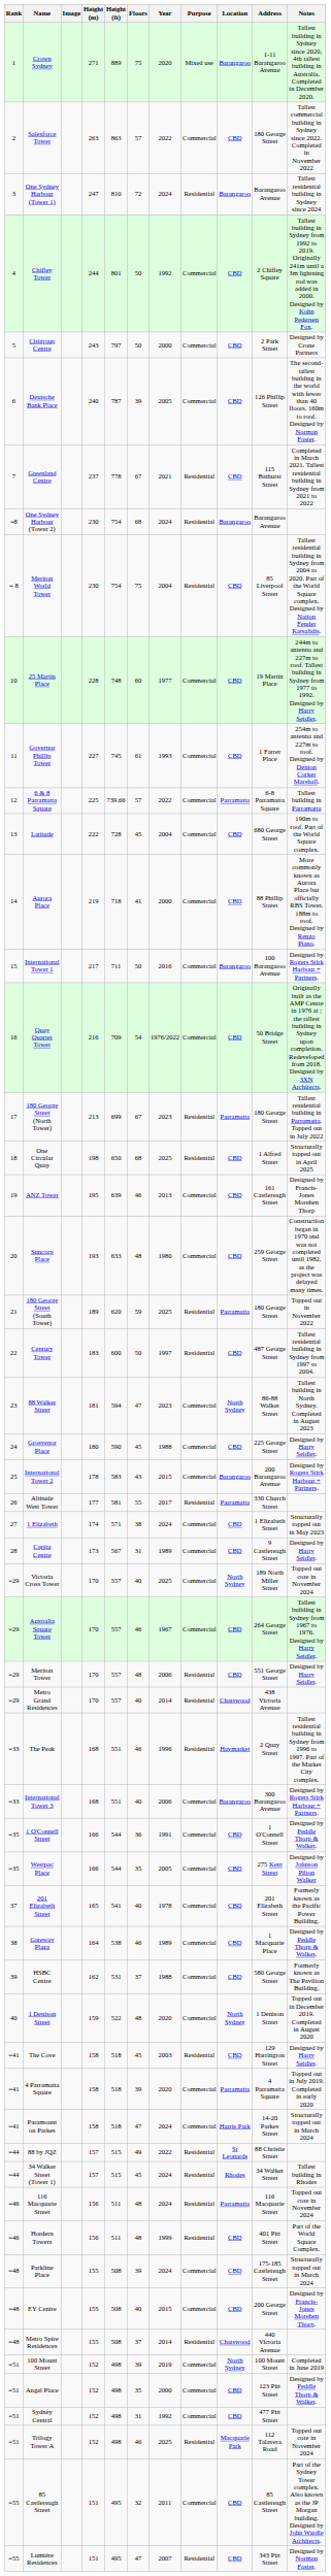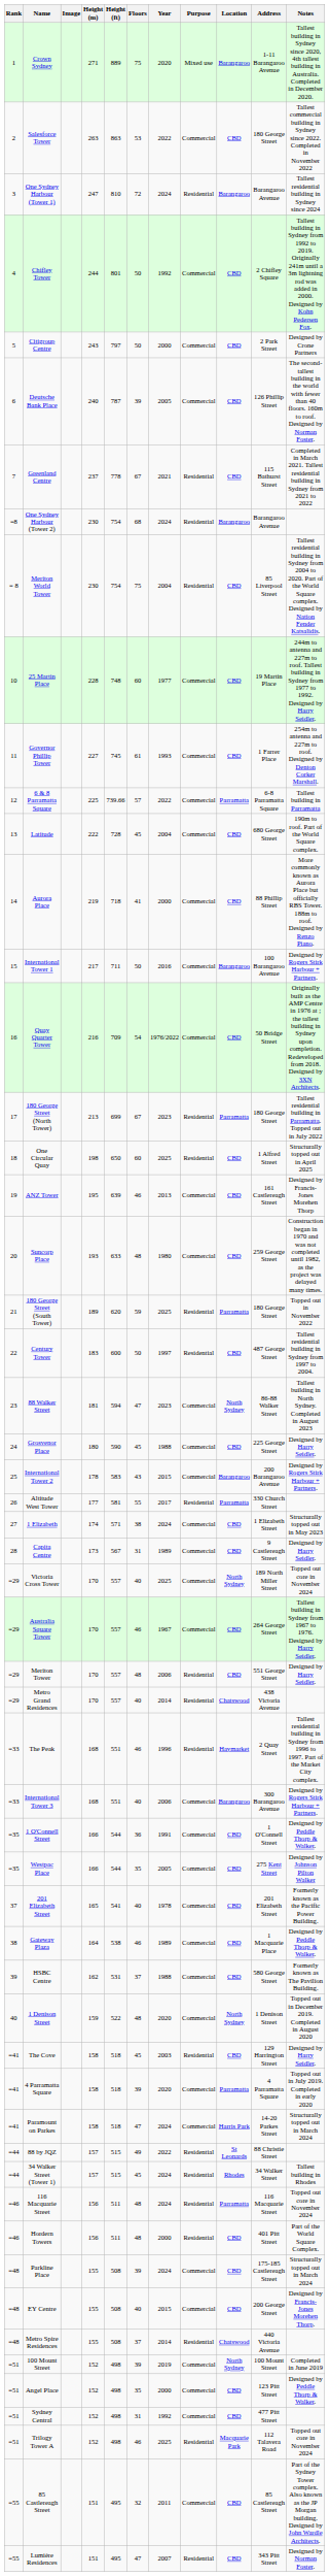 <table class="wikitable sortable" style="text-align:center;">
 <tr>
 <th>Rank</th>
 <th>Name</th>
 <th class="unsortable">Image</th>
 <th>Height (m)</th>
 <th>Height (ft)</th>
 <th>Floors</th>
 <th>Year</th>
 <th>Purpose</th>
 <th>Location</th>
 <th>Address</th>
 <th>Notes</th>
 </tr>
 <tr style="background:#ddffdd;">
 <td>1</td>
 <td><a href='#'>Crown Sydney</a></td>
 <td></td>
 <td>271</td>
 <td>889</td>
 <td>75</td>
 <td>2020</td>
 <td>Mixed use</td>
 <td><a href='#'>Barangaroo</a></td>
 <td>1-11 Barangaroo Avenue</td>
 <td>Tallest building in Sydney since 2020, 4th tallest building in Australia. Completed in December 2020.</td>
 </tr>
 <tr>
 <td>2</td>
 <td><a href='#'>Salesforce Tower</a></td>
 <td></td>
 <td>263</td>
 <td>863</td>
-<td>57</td>
+<td>53</td>
 <td>2022</td>
 <td>Commercial</td>
 <td><a href='#'>CBD</a></td>
 <td>180 George Street</td>
 <td>Tallest commercial building in Sydney since 2022. Completed in November 2022</td>
 </tr>
 <tr>
 <td>3</td>
 <td><a href='#'>One Sydney Harbour (Tower 1)</a></td>
 <td></td>
 <td>247</td>
 <td>810</td>
 <td>72</td>
 <td>2024</td>
 <td>Residential</td>
 <td><a href='#'>Barangaroo</a></td>
 <td>Barangaroo Avenue</td>
 <td>Tallest residential building in Sydney since 2024</td>
 </tr>
 <tr style="background:#ddffdd;">
 <td>4</td>
 <td><a href='#'>Chifley Tower</a></td>
 <td></td>
 <td>244</td>
 <td>801</td>
 <td>50</td>
 <td>1992</td>
 <td>Commercial</td>
 <td><a href='#'>CBD</a></td>
 <td>2 Chifley Square</td>
 <td>Tallest building in Sydney from 1992 to 2019. Originally 241m until a 3m lightning rod was added in 2000. Designed by <a href='#'>Kohn Pedersen Fox</a>.</td>
 </tr>
 <tr>
 <td>5</td>
 <td><a href='#'>Citigroup Centre</a></td>
 <td></td>
 <td>243</td>
 <td>797</td>
 <td>50</td>
 <td>2000</td>
 <td>Commercial</td>
 <td><a href='#'>CBD</a></td>
 <td>2 Park Street</td>
 <td>Designed by Crone Partners</td>
 </tr>
 <tr>
 <td>6</td>
 <td><a href='#'>Deutsche Bank Place</a></td>
 <td></td>
 <td>240</td>
 <td>787</td>
 <td>39</td>
 <td>2005</td>
 <td>Commercial</td>
 <td><a href='#'>CBD</a></td>
 <td>126 Phillip Street</td>
 <td>The second-tallest building in the world with fewer than 40 floors. 160m to roof. Designed by <a href='#'>Norman Foster</a>.</td>
 </tr>
 <tr>
 <td>7</td>
 <td><a href='#'>Greenland Centre</a></td>
 <td></td>
 <td>237</td>
 <td>778</td>
 <td>67</td>
 <td>2021</td>
 <td>Residential</td>
 <td><a href='#'>CBD</a></td>
 <td>115 Bathurst Street</td>
 <td>Completed in March 2021. Tallest residential building in Sydney from 2021 to 2022</td>
 </tr>
 <tr>
 <td>=8</td>
 <td><a href='#'>One Sydney Harbour</a> (Tower 2)</td>
 <td></td>
 <td>230</td>
 <td>754</td>
 <td>68</td>
 <td>2024</td>
 <td>Residential</td>
 <td><a href='#'>Barangaroo</a></td>
 <td>Barangaroo Avenue</td>
 <td></td>
 </tr>
 <tr>
 <td>= 8</td>
 <td><a href='#'>Meriton World Tower</a></td>
 <td></td>
 <td>230</td>
 <td>754</td>
 <td>75</td>
 <td>2004</td>
 <td>Residential</td>
 <td><a href='#'>CBD</a></td>
 <td>85 Liverpool Street</td>
 <td>Tallest residential building in Sydney from 2004 to 2020. Part of the World Square complex. Designed by <a href='#'>Nation Fender Katsalidis</a>.</td>
 </tr>
 <tr style="background:#ddffdd;">
 <td>10</td>
 <td><a href='#'>25 Martin Place</a></td>
 <td></td>
 <td>228</td>
 <td>748</td>
 <td>60</td>
 <td>1977</td>
 <td>Commercial</td>
 <td><a href='#'>CBD</a></td>
 <td>19 Martin Place</td>
 <td>244m to antenna and 227m to roof. Tallest building in Sydney from 1977 to 1992. Designed by <a href='#'>Harry Seidler</a>.</td>
 </tr>
 <tr>
 <td>11</td>
 <td><a href='#'>Governor Phillip Tower</a></td>
 <td></td>
 <td>227</td>
 <td>745</td>
 <td>61</td>
 <td>1993</td>
 <td>Commercial</td>
 <td><a href='#'>CBD</a></td>
 <td>1 Farrer Place</td>
 <td>254m to antenna and 227m to roof. Designed by <a href='#'>Denton Corker Marshall</a>.</td>
 </tr>
 <tr>
 <td>12</td>
 <td><a href='#'>6 & 8 Parramatta Square</a></td>
 <td></td>
 <td>225</td>
 <td>739.66</td>
 <td>57</td>
 <td>2022</td>
 <td>Commercial</td>
 <td><a href='#'>Parramatta</a></td>
 <td>6-8 Parramatta Square</td>
 <td>Tallest building in <a href='#'>Parramatta</a></td>
 </tr>
 <tr>
 <td>13</td>
 <td><a href='#'>Latitude</a></td>
 <td></td>
 <td>222</td>
 <td>728</td>
 <td>45</td>
 <td>2004</td>
 <td>Commercial</td>
 <td><a href='#'>CBD</a></td>
 <td>680 George Street</td>
 <td>190m to roof. Part of the World Square complex.</td>
 </tr>
 <tr>
 <td>14</td>
 <td><a href='#'>Aurora Place</a></td>
 <td></td>
 <td>219</td>
 <td>718</td>
 <td>41</td>
 <td>2000</td>
 <td>Commercial</td>
 <td><a href='#'>CBD</a></td>
 <td>88 Phillip Street</td>
 <td>More commonly known as Aurora Place but officially RBS Tower. 188m to roof. Designed by <a href='#'>Renzo Piano</a>.</td>
 </tr>
 <tr>
 <td>15</td>
 <td><a href='#'>International Tower 1</a></td>
 <td></td>
 <td>217</td>
 <td>711</td>
 <td>50</td>
 <td>2016</td>
 <td>Commercial</td>
 <td><a href='#'>Barangaroo</a></td>
 <td>100 Barangaroo Avenue</td>
 <td>Designed by <a href='#'>Rogers Stirk Harbour + Partners</a>.</td>
 </tr>
 <tr style="background:#ddffdd;">
 <td>16</td>
 <td><a href='#'>Quay Quarter Tower</a></td>
 <td></td>
 <td>216</td>
 <td>709</td>
 <td>54</td>
 <td>1976/2022</td>
 <td>Commercial</td>
 <td><a href='#'>CBD</a></td>
 <td>50 Bridge Street</td>
 <td>Originally built as the AMP Centre in 1976 at ; the tallest building in Sydney upon completion. Redeveloped from 2018. Designed by <a href='#'>3XN Architects</a>.</td>
 </tr>
 <tr>
 <td>17</td>
 <td><a href='#'>180 George Street</a><br>(North Tower)</td>
 <td></td>
 <td>213</td>
 <td>699</td>
 <td>67</td>
 <td>2023</td>
 <td>Residential</td>
 <td><a href='#'>Parramatta</a></td>
 <td>180 George Street</td>
 <td>Tallest residential building in <a href='#'>Parramatta</a>. Topped out in July 2022</td>
 </tr>
 <tr>
 <td>18</td>
 <td>One Circular Quay</td>
 <td></td>
 <td>198</td>
 <td>650</td>
-<td>68</td>
+<td>60</td>
 <td>2025</td>
 <td>Residential</td>
 <td><a href='#'>CBD</a></td>
 <td>1 Alfred Street</td>
 <td>Structurally topped out in April 2025</td>
 </tr>
 <tr>
 <td>19</td>
 <td><a href='#'>ANZ Tower</a></td>
 <td></td>
 <td>195</td>
 <td>639</td>
 <td>46</td>
 <td>2013</td>
 <td>Commercial</td>
 <td><a href='#'>CBD</a></td>
 <td>161 Castlereagh Street</td>
 <td>Designed by Francis-Jones Morehen Thorp</td>
 </tr>
 <tr>
 <td>20</td>
 <td><a href='#'>Suncorp Place</a></td>
 <td></td>
 <td>193</td>
 <td>633</td>
 <td>48</td>
 <td>1980</td>
 <td>Commercial</td>
 <td><a href='#'>CBD</a></td>
 <td>259 George Street</td>
 <td>Construction began in 1970 and was not completed until 1982, as the project was delayed many times.</td>
 </tr>
 <tr>
 <td>21</td>
 <td><a href='#'>180 George Street</a><br>(South Tower)</td>
 <td></td>
 <td>189</td>
 <td>620</td>
 <td>59</td>
 <td>2025</td>
 <td>Residential</td>
 <td><a href='#'>Parramatta</a></td>
 <td>180 George Street</td>
 <td>Topped out in November 2022</td>
 </tr>
 <tr>
 <td>22</td>
 <td><a href='#'>Century Tower</a></td>
 <td></td>
 <td>183</td>
 <td>600</td>
 <td>50</td>
 <td>1997</td>
 <td>Residential</td>
 <td><a href='#'>CBD</a></td>
 <td>487 George Street</td>
 <td>Tallest residential building in Sydney from 1997 to 2004.</td>
 </tr>
 <tr>
 <td>23</td>
 <td><a href='#'>88 Walker Street</a></td>
 <td></td>
 <td>181</td>
 <td>594</td>
 <td>47</td>
 <td>2023</td>
 <td>Commercial</td>
 <td><a href='#'>North Sydney</a></td>
 <td>86-88 Walker Street</td>
 <td>Tallest building in North Sydney. Completed in August 2023</td>
 </tr>
 <tr>
 <td>24</td>
 <td><a href='#'>Grosvenor Place</a></td>
 <td></td>
 <td>180</td>
 <td>590</td>
 <td>45</td>
 <td>1988</td>
 <td>Commercial</td>
 <td><a href='#'>CBD</a></td>
 <td>225 George Street</td>
 <td>Designed by <a href='#'>Harry Seidler</a>.</td>
 </tr>
 <tr>
 <td>25</td>
 <td><a href='#'>International Tower 2</a></td>
 <td></td>
 <td>178</td>
 <td>583</td>
 <td>43</td>
 <td>2015</td>
 <td>Commercial</td>
 <td><a href='#'>Barangaroo</a></td>
 <td>200 Barangaroo Avenue</td>
 <td>Designed by <a href='#'>Rogers Stirk Harbour + Partners</a>.</td>
 </tr>
 <tr>
 <td>26</td>
 <td>Altitude West Tower</td>
 <td></td>
 <td>177</td>
 <td>581</td>
 <td>55</td>
 <td>2017</td>
 <td>Residential</td>
 <td><a href='#'>Parramatta</a></td>
 <td>330 Church Street</td>
 <td></td>
 </tr>
 <tr>
 <td>27</td>
 <td><a href='#'>1 Elizabeth</a></td>
 <td></td>
 <td>174</td>
 <td>571</td>
 <td>38</td>
 <td>2024</td>
 <td>Commercial</td>
 <td><a href='#'>CBD</a></td>
 <td>1 Elizabeth Street</td>
 <td>Structurally topped out in May 2023</td>
 </tr>
 <tr>
 <td>28</td>
 <td><a href='#'>Capita Centre</a></td>
 <td></td>
 <td>173</td>
 <td>567</td>
 <td>31</td>
 <td>1989</td>
 <td>Commercial</td>
 <td><a href='#'>CBD</a></td>
 <td>9 Castlereagh Street</td>
 <td>Designed by <a href='#'>Harry Seidler</a>.</td>
 </tr>
 <tr>
 <td>=29</td>
 <td>Victoria Cross Tower</td>
 <td></td>
 <td>170</td>
 <td>557</td>
 <td>40</td>
 <td>2025</td>
 <td>Commercial</td>
 <td><a href='#'>North Sydney</a></td>
 <td>189 North Miller Street</td>
 <td>Topped out core in November 2024</td>
 </tr>
 <tr style="background:#ddffdd;">
 <td>=29</td>
 <td><a href='#'>Australia Square Tower</a></td>
 <td></td>
 <td>170</td>
 <td>557</td>
 <td>46</td>
 <td>1967</td>
 <td>Commercial</td>
 <td><a href='#'>CBD</a></td>
 <td>264 George Street</td>
 <td>Tallest building in Sydney from 1967 to 1976. Designed by <a href='#'>Harry Seidler</a>.</td>
 </tr>
 <tr>
 <td>=29</td>
 <td>Meriton Tower</td>
 <td></td>
 <td>170</td>
 <td>557</td>
 <td>48</td>
 <td>2006</td>
 <td>Residential</td>
 <td><a href='#'>CBD</a></td>
 <td>551 George Street</td>
 <td>Designed by <a href='#'>Harry Seidler</a>.</td>
 </tr>
 <tr>
 <td>=29</td>
 <td>Metro Grand Residences</td>
 <td></td>
 <td>170</td>
 <td>557</td>
 <td>40</td>
 <td>2014</td>
 <td>Residential</td>
 <td><a href='#'>Chatswood</a></td>
 <td>438 Victoria Avenue</td>
 <td></td>
 </tr>
 <tr id="The Peak Apartments">
 <td>=33</td>
 <td>The Peak</td>
 <td></td>
 <td>168</td>
 <td>551</td>
 <td>46</td>
 <td>1996</td>
 <td>Residential</td>
 <td><a href='#'>Haymarket</a></td>
 <td>2 Quay Street</td>
 <td>Tallest residential building in Sydney from 1996 to 1997. Part of the Market City complex.</td>
 </tr>
 <tr>
 <td>=33</td>
 <td><a href='#'>International Tower 3</a></td>
 <td></td>
 <td>168</td>
 <td>551</td>
 <td>40</td>
 <td>2006</td>
 <td>Commercial</td>
 <td><a href='#'>Barangaroo</a></td>
 <td>300 Barangaroo Avenue</td>
 <td>Designed by <a href='#'>Rogers Stirk Harbour + Partners</a>.</td>
 </tr>
 <tr>
 <td>=35</td>
 <td><a href='#'>1 O'Connell Street</a></td>
 <td></td>
 <td>166</td>
 <td>544</td>
 <td>36</td>
 <td>1991</td>
 <td>Commercial</td>
 <td><a href='#'>CBD</a></td>
 <td>1 O'Connell Street</td>
 <td>Designed by <a href='#'>Peddle Thorp & Walker</a>.</td>
 </tr>
 <tr>
 <td>=35</td>
 <td><a href='#'>Westpac Place</a></td>
 <td></td>
 <td>166</td>
 <td>544</td>
 <td>35</td>
 <td>2005</td>
 <td>Commercial</td>
 <td><a href='#'>CBD</a></td>
 <td>275 <a href='#'>Kent Street</a></td>
 <td>Designed by <a href='#'>Johnson Pilton Walker</a></td>
 </tr>
 <tr>
 <td>37</td>
 <td><a href='#'>201 Elizabeth Street</a></td>
 <td></td>
 <td>165</td>
 <td>541</td>
 <td>40</td>
 <td>1978</td>
 <td>Commercial</td>
 <td><a href='#'>CBD</a></td>
 <td>201 Elizabeth Street</td>
 <td>Formerly known as the Pacific Power Building.</td>
 </tr>
 <tr>
 <td>38</td>
 <td><a href='#'>Gateway Plaza</a></td>
 <td></td>
 <td>164</td>
 <td>538</td>
 <td>46</td>
 <td>1989</td>
 <td>Commercial</td>
 <td><a href='#'>CBD</a></td>
 <td>1 Macquarie Place</td>
 <td>Designed by <a href='#'>Peddle Thorp & Walker</a>.</td>
 </tr>
 <tr>
 <td>39</td>
 <td>HSBC Centre</td>
 <td></td>
 <td>162</td>
 <td>531</td>
 <td>37</td>
 <td>1988</td>
 <td>Commercial</td>
 <td><a href='#'>CBD</a></td>
 <td>580 George Street</td>
 <td>Formerly known as The Pavilion Building.</td>
 </tr>
 <tr>
 <td>40</td>
 <td><a href='#'>1 Denison Street</a></td>
 <td></td>
 <td>159</td>
 <td>522</td>
 <td>48</td>
 <td>2020</td>
 <td>Commercial</td>
 <td><a href='#'>North Sydney</a></td>
 <td>1 Denison Street</td>
 <td>Topped out in December 2019. Completed in August 2020</td>
 </tr>
 <tr>
 <td>=41</td>
 <td>The Cove</td>
 <td></td>
 <td>158</td>
 <td>518</td>
 <td>45</td>
 <td>2003</td>
 <td>Residential</td>
 <td><a href='#'>CBD</a></td>
 <td>129 Harrington Street</td>
 <td>Designed by <a href='#'>Harry Seidler</a>.</td>
 </tr>
 <tr>
 <td>=41</td>
 <td>4 Parramatta Square</td>
 <td></td>
 <td>158</td>
 <td>518</td>
 <td>39</td>
 <td>2020</td>
 <td>Commercial</td>
 <td><a href='#'>Parramatta</a></td>
 <td>4 Parramatta Square</td>
 <td>Topped out in July 2019. Completed in early 2020</td>
 </tr>
 <tr>
 <td>=41</td>
 <td>Paramount on Parkes</td>
 <td></td>
 <td>158</td>
 <td>518</td>
 <td>47</td>
 <td>2024</td>
 <td>Commercial</td>
 <td><a href='#'>Harris Park</a></td>
 <td>14-20 Parkes Street</td>
 <td>Structurally topped out in March 2024</td>
 </tr>
 <tr>
 <td>=44</td>
 <td>88 by JQZ</td>
 <td></td>
 <td>157</td>
 <td>515</td>
 <td>49</td>
 <td>2022</td>
 <td>Residential</td>
 <td><a href='#'>St Leonards</a></td>
 <td>88 Christie Street</td>
 <td></td>
 </tr>
 <tr>
 <td>=44</td>
 <td>34 Walker Street<br>(Tower 1)</td>
 <td></td>
 <td>157</td>
 <td>515</td>
 <td>45</td>
 <td>2024</td>
 <td>Residential</td>
 <td><a href='#'>Rhodes</a></td>
 <td>34 Walker Street</td>
 <td>Tallest building in Rhodes</td>
 </tr>
 <tr>
 <td>=46</td>
 <td>116 Macquarie Street</td>
 <td></td>
 <td>156</td>
 <td>511</td>
 <td>48</td>
 <td>2024</td>
 <td>Residential</td>
 <td><a href='#'>Parramatta</a></td>
 <td>116 Macquarie Street</td>
 <td>Topped out core in November 2024</td>
 </tr>
 <tr>
 <td>=46</td>
 <td>Hordern Towers</td>
 <td></td>
 <td>156</td>
 <td>511</td>
 <td>48</td>
-<td>1999</td>
+<td>2000</td>
 <td>Residential</td>
 <td><a href='#'>CBD</a></td>
 <td>401 Pitt Street</td>
 <td>Part of the World Square Complex.</td>
 </tr>
 <tr>
 <td>=48</td>
 <td>Parkline Place</td>
 <td></td>
 <td>155</td>
 <td>508</td>
 <td>39</td>
 <td>2024</td>
 <td>Commercial</td>
 <td><a href='#'>CBD</a></td>
 <td>175-185 Castlereagh Street</td>
 <td>Structurally topped out in March 2024</td>
 </tr>
 <tr>
 <td>=48</td>
 <td>EY Centre</td>
 <td></td>
 <td>155</td>
 <td>508</td>
 <td>40</td>
 <td>2015</td>
 <td>Commercial</td>
 <td><a href='#'>CBD</a></td>
 <td>200 George Street</td>
 <td>Designed by <a href='#'>Francis-Jones Morehen Thorp</a>.</td>
 </tr>
 <tr>
 <td>=48</td>
 <td>Metro Spire Residences</td>
 <td></td>
 <td>155</td>
 <td>508</td>
 <td>37</td>
 <td>2014</td>
 <td>Residential</td>
 <td><a href='#'>Chatswood</a></td>
 <td>440 Victoria Avenue</td>
 <td></td>
 </tr>
 <tr>
 <td>=51</td>
 <td>100 Mount Street</td>
 <td></td>
 <td>152</td>
 <td>498</td>
 <td>39</td>
 <td>2019</td>
 <td>Commercial</td>
 <td><a href='#'>North Sydney</a></td>
 <td>100 Mount Street</td>
 <td>Completed in June 2019</td>
 </tr>
 <tr>
 <td>=51</td>
 <td>Angel Place</td>
 <td></td>
 <td>152</td>
 <td>498</td>
 <td>35</td>
 <td>2000</td>
 <td>Commercial</td>
 <td><a href='#'>CBD</a></td>
 <td>123 Pitt Street</td>
 <td>Designed by <a href='#'>Peddle Thorp & Walker</a>.</td>
 </tr>
 <tr>
 <td>=51</td>
 <td>Sydney Central</td>
 <td></td>
 <td>152</td>
 <td>498</td>
 <td>31</td>
 <td>1992</td>
 <td>Commercial</td>
 <td><a href='#'>CBD</a></td>
 <td>477 Pitt Street</td>
 <td></td>
 </tr>
 <tr>
 <td>=51</td>
 <td>Trilogy<br>Tower A</td>
 <td></td>
 <td>152</td>
 <td>498</td>
 <td>46</td>
 <td>2025</td>
 <td>Residential</td>
 <td><a href='#'>Macquarie Park</a></td>
 <td>112 Talavera Road</td>
 <td>Topped out core in November 2024</td>
 </tr>
 <tr>
 <td>=55</td>
 <td>85 Castlereagh Street</td>
 <td></td>
 <td>151</td>
 <td>495</td>
 <td>32</td>
 <td>2011</td>
 <td>Commercial</td>
 <td><a href='#'>CBD</a></td>
 <td>85 Castlereagh Street</td>
 <td>Part of the Sydney Tower complex. Also known as the JP Morgan building. Designed by <a href='#'>John Wardle Architects</a>.</td>
 </tr>
 <tr>
 <td>=55</td>
 <td>Lumière Residences</td>
 <td></td>
 <td>151</td>
 <td>495</td>
 <td>47</td>
 <td>2007</td>
 <td>Residential</td>
 <td><a href='#'>CBD</a></td>
 <td>343 Pitt Street</td>
 <td>Designed by <a href='#'>Norman Foster</a>.</td>
 </tr>
 </table>
